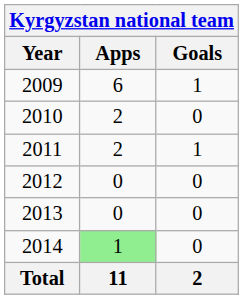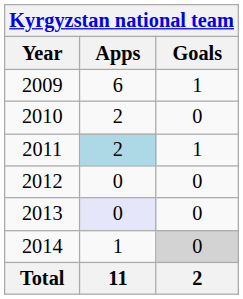 <table class="wikitable" style="text-align:center">
 <tr>
 <th colspan=3><a href='#'>Kyrgyzstan national team</a></th>
 </tr>
 <tr>
 <th>Year</th>
 <th>Apps</th>
 <th>Goals</th>
 </tr>
 <tr>
 <td>2009</td>
 <td>6</td>
 <td>1</td>
 </tr>
 <tr>
 <td>2010</td>
 <td>2</td>
 <td>0</td>
 </tr>
 <tr>
 <td>2011</td>
-<td>2</td>
+<td style="background: lightblue;">2</td>
 <td>1</td>
 </tr>
 <tr>
 <td>2012</td>
 <td>0</td>
 <td>0</td>
 </tr>
 <tr>
 <td>2013</td>
-<td>0</td>
+<td style="background: lavender;">0</td>
 <td>0</td>
 </tr>
 <tr>
 <td>2014</td>
-<td style="background: lightgreen;">1</td>
-<td>0</td>
+<td>1</td>
+<td style="background: lightgrey;">0</td>
 </tr>
 <tr>
 <th>Total</th>
 <th>11</th>
 <th>2</th>
 </tr>
 </table>
